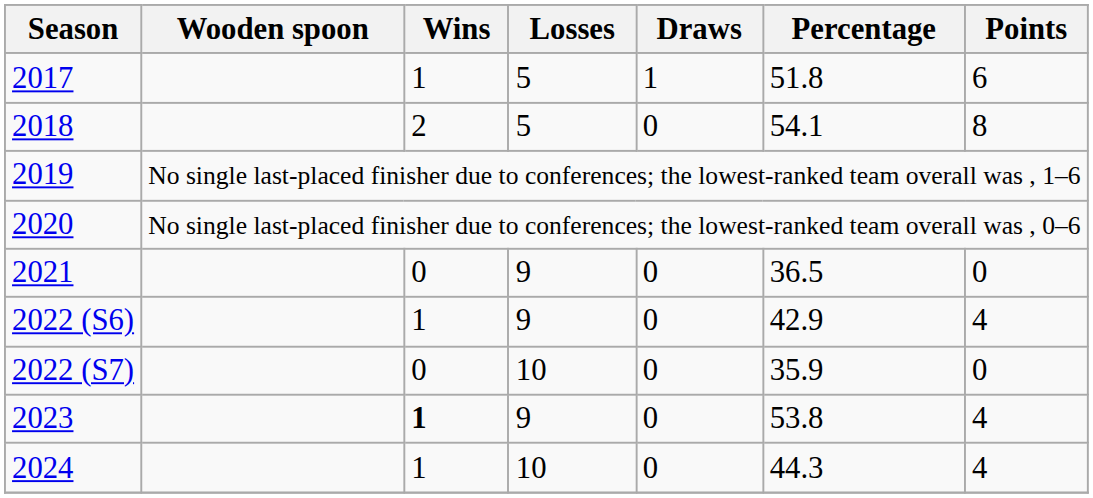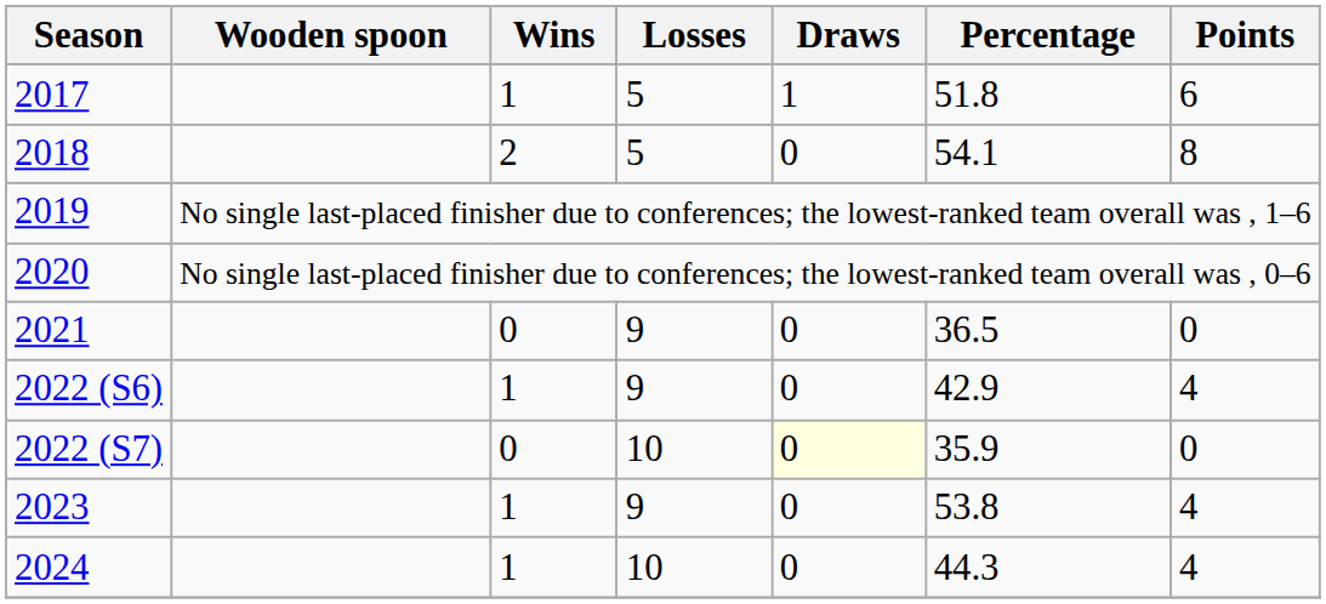 <table class="wikitable sortable">
 <tr>
 <th><strong>Season</strong></th>
 <th><strong>Wooden spoon</strong></th>
 <th><strong>Wins</strong></th>
 <th><strong>Losses</strong></th>
 <th><strong>Draws</strong></th>
 <th><strong>Percentage</strong></th>
 <th><strong>Points</strong></th>
 </tr>
 <tr>
 <td><a href='#'>2017</a></td>
 <td></td>
 <td>1</td>
 <td>5</td>
 <td>1</td>
 <td>51.8</td>
 <td>6</td>
 </tr>
 <tr>
 <td><a href='#'>2018</a></td>
 <td></td>
 <td>2</td>
 <td>5</td>
 <td>0</td>
 <td>54.1</td>
 <td>8</td>
 </tr>
 <tr>
 <td><a href='#'>2019</a></td>
 <td colspan="6"><small>No single last-placed finisher due to conferences; the lowest-ranked team overall was , 1–6 </small></td>
 </tr>
 <tr>
 <td><a href='#'>2020</a></td>
 <td colspan="6"><small>No single last-placed finisher due to conferences; the lowest-ranked team overall was , 0–6 </small></td>
 </tr>
 <tr>
 <td><a href='#'>2021</a></td>
 <td></td>
 <td>0</td>
 <td>9</td>
 <td>0</td>
 <td>36.5</td>
 <td>0</td>
 </tr>
 <tr>
 <td><a href='#'>2022 (S6)</a></td>
 <td></td>
 <td>1</td>
 <td>9</td>
 <td>0</td>
 <td>42.9</td>
 <td>4</td>
 </tr>
 <tr>
 <td><a href='#'>2022 (S7)</a></td>
 <td></td>
 <td>0</td>
 <td>10</td>
-<td>0</td>
+<td style="background: lightyellow;">0</td>
 <td>35.9</td>
 <td>0</td>
 </tr>
 <tr>
 <td><a href='#'>2023</a></td>
 <td></td>
-<td><strong>1</strong></td>
+<td>1</td>
 <td>9</td>
 <td>0</td>
 <td>53.8</td>
 <td>4</td>
 </tr>
 <tr>
 <td><a href='#'>2024</a></td>
 <td></td>
 <td>1</td>
 <td>10</td>
 <td>0</td>
 <td>44.3</td>
 <td>4</td>
 </tr>
 <tr>
 </tr>
 </table>
